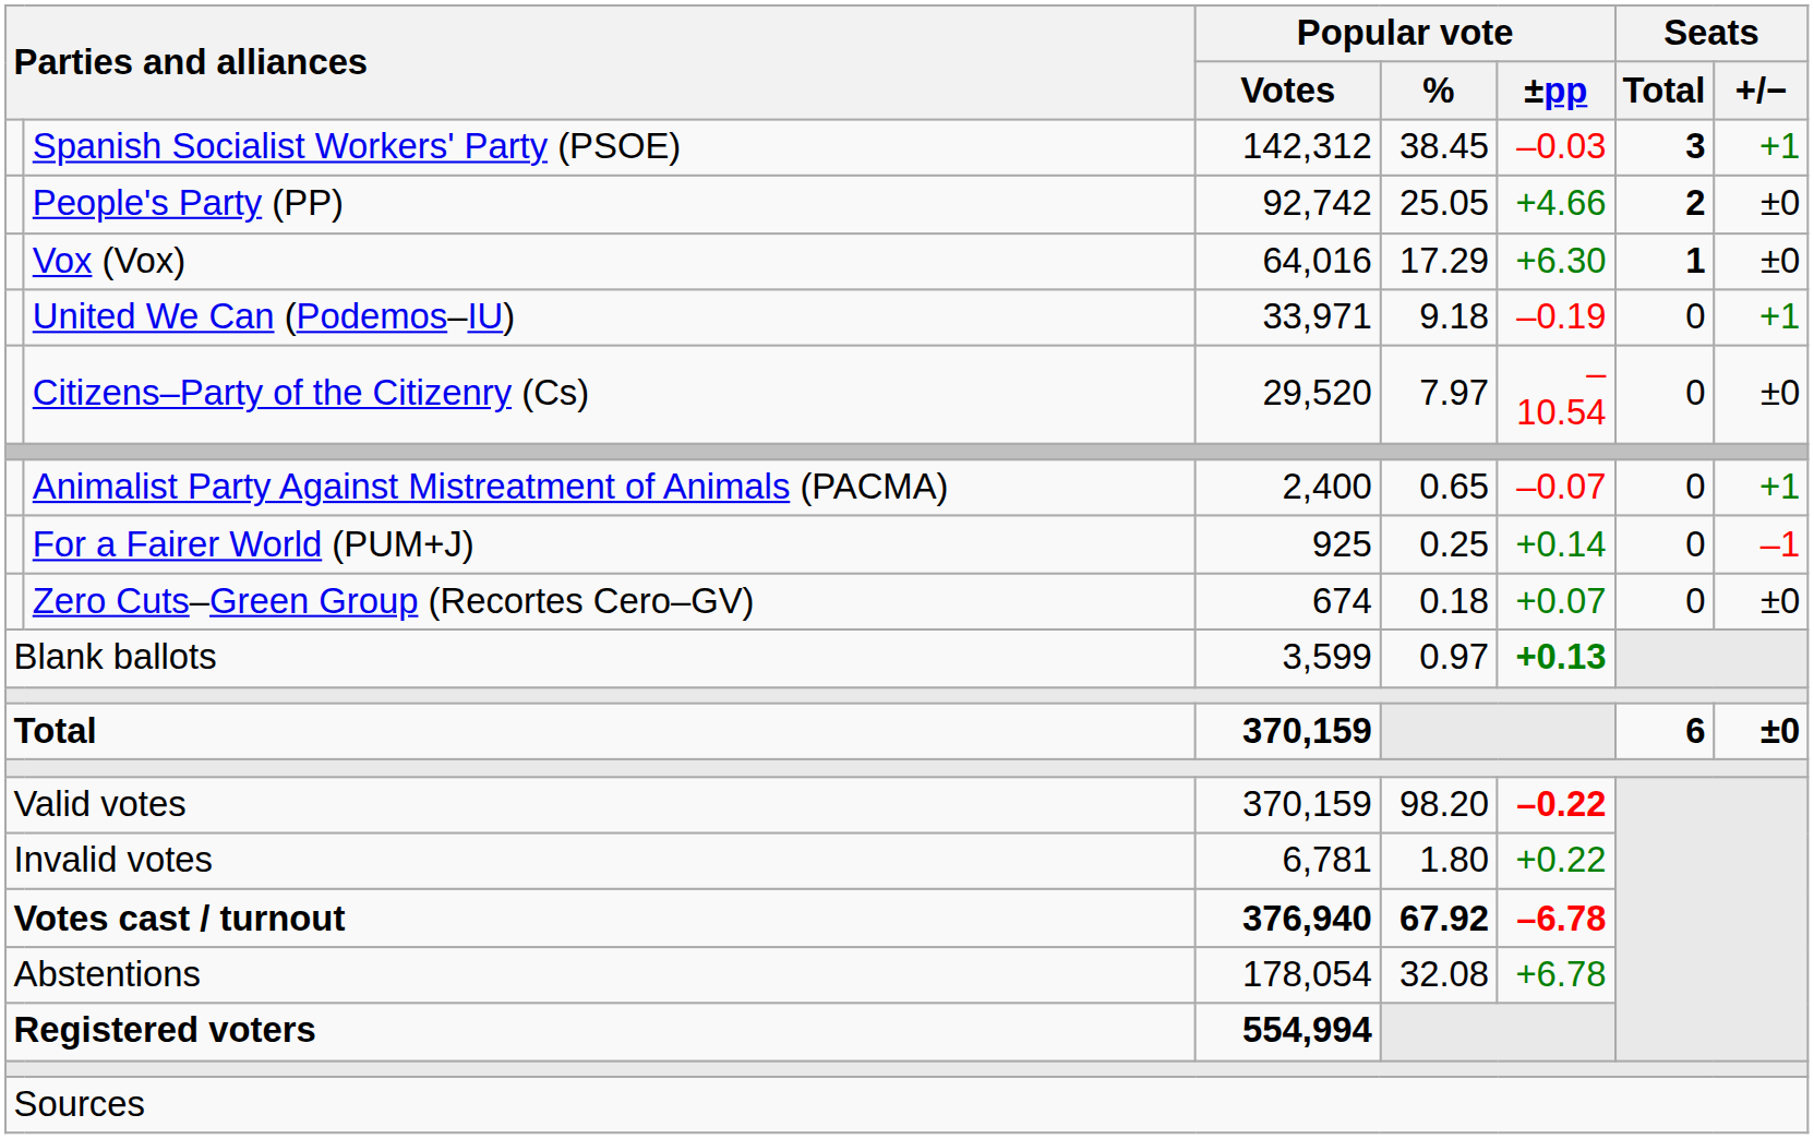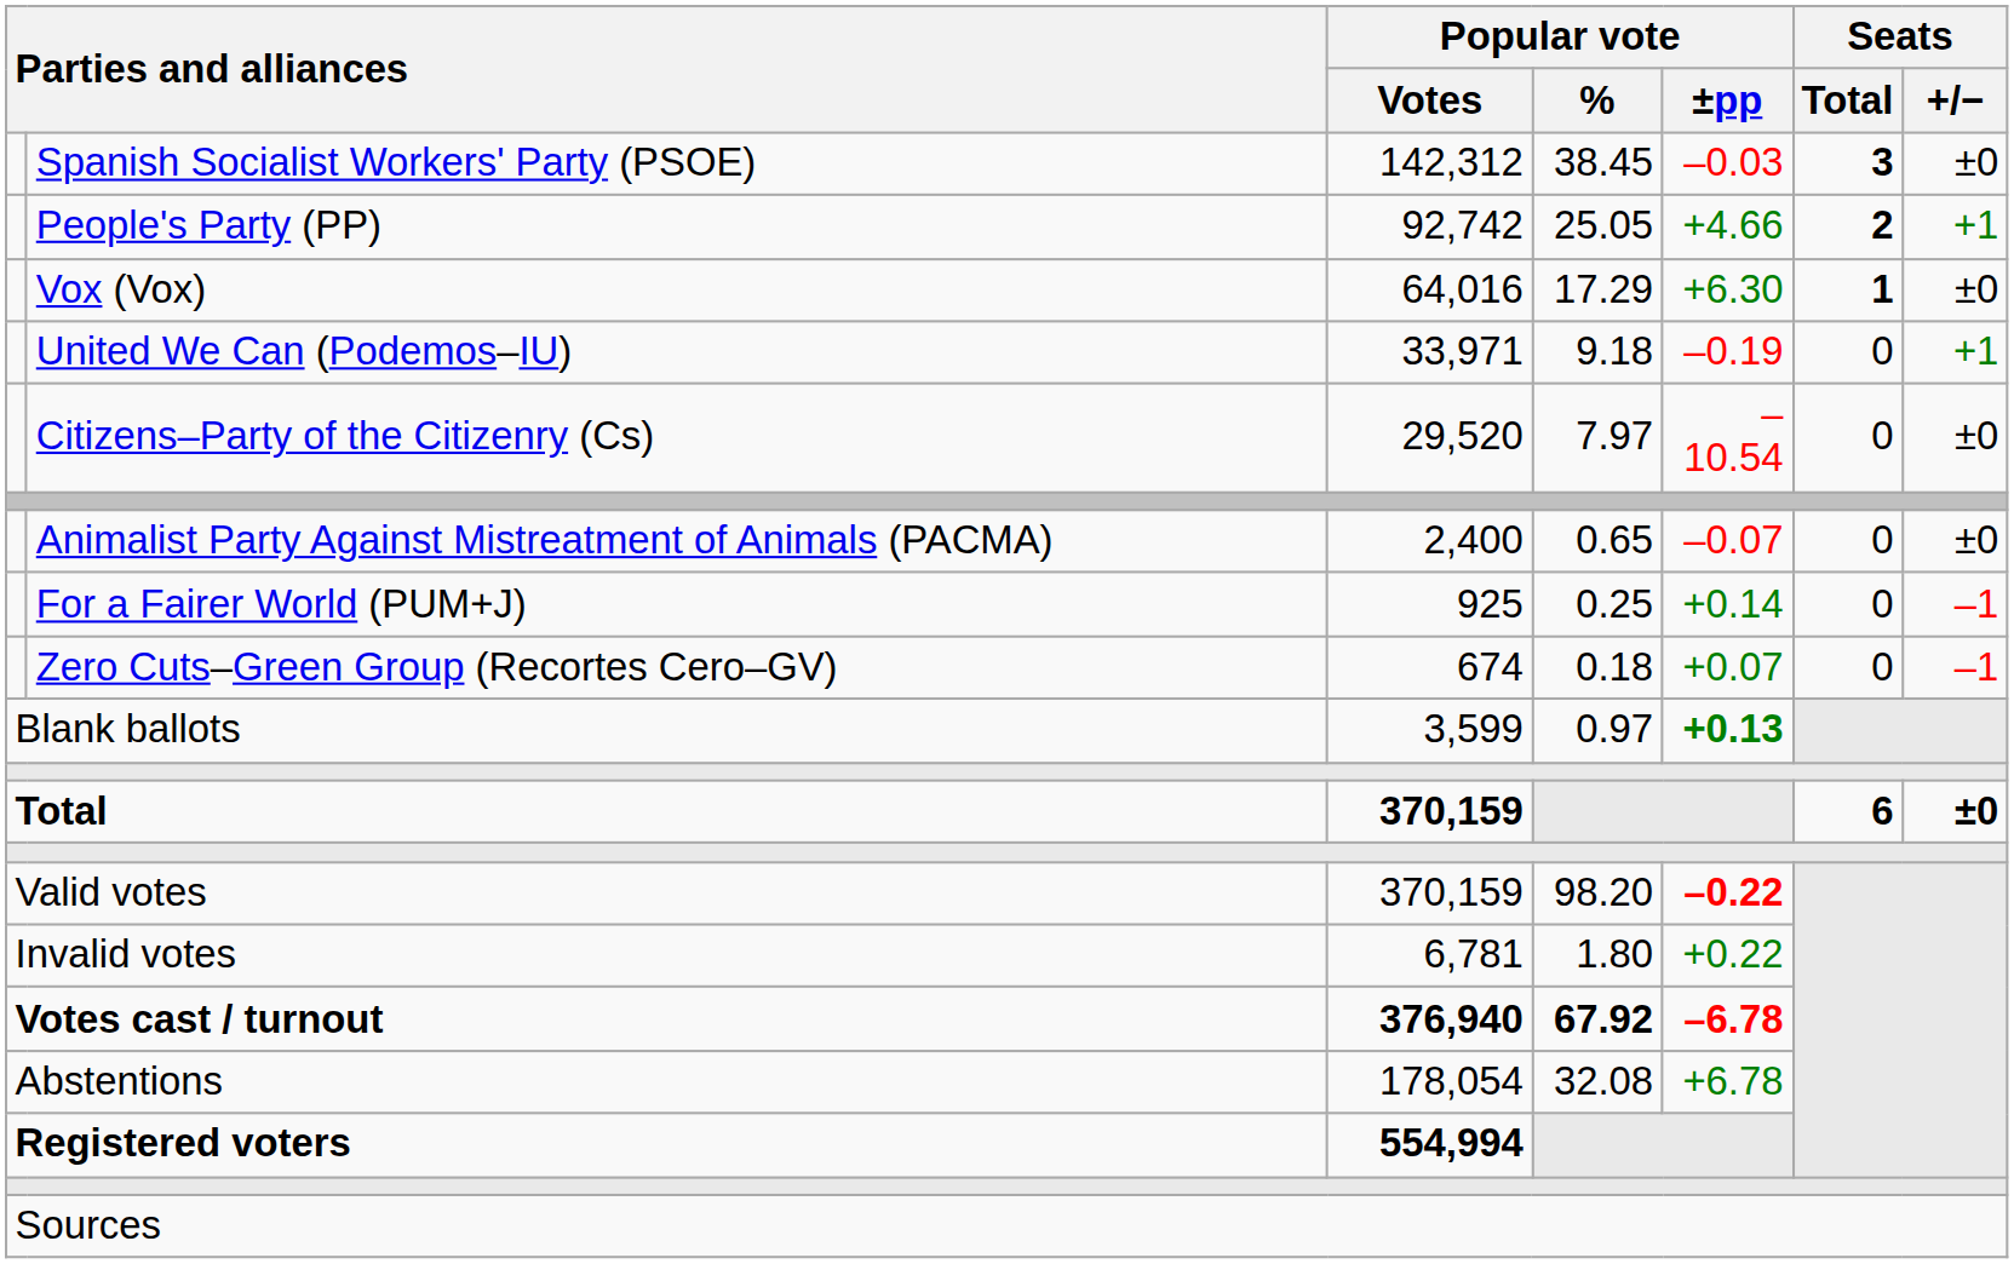 <table class="wikitable" style="text-align:right;">
 <tr>
 <th style="text-align:left;" rowspan="2" colspan="2" width="525">Parties and alliances</th>
 <th colspan="3">Popular vote</th>
 <th colspan="2">Seats</th>
 </tr>
 <tr>
 <th width="75">Votes</th>
 <th width="45">%</th>
 <th width="45">±<a href='#'>pp</a></th>
 <th width="35">Total</th>
 <th width="35">+/−</th>
 </tr>
 <tr>
 <td width="1" style="color:inherit;background:"></td>
 <td align="left"><a href='#'>Spanish Socialist Workers' Party</a> (PSOE)</td>
 <td>142,312</td>
 <td>38.45</td>
 <td style="color:red;">–0.03</td>
 <td><strong>3</strong></td>
-<td style="color:green;">+1</td>
+<td>±0</td>
 </tr>
 <tr>
 <td style="color:inherit;background:"></td>
 <td align="left"><a href='#'>People's Party</a> (PP)</td>
 <td>92,742</td>
 <td>25.05</td>
 <td style="color:green;">+4.66</td>
 <td><strong>2</strong></td>
-<td>±0</td>
+<td style="color:green;">+1</td>
 </tr>
 <tr>
 <td style="color:inherit;background:"></td>
 <td align="left"><a href='#'>Vox</a> (Vox)</td>
 <td>64,016</td>
 <td>17.29</td>
 <td style="color:green;">+6.30</td>
 <td><strong>1</strong></td>
 <td>±0</td>
 </tr>
 <tr>
 <td style="color:inherit;background:"></td>
 <td align="left"><a href='#'>United We Can</a> (<a href='#'>Podemos</a>–<a href='#'>IU</a>)</td>
 <td>33,971</td>
 <td>9.18</td>
 <td style="color:red;">–0.19</td>
 <td>0</td>
 <td style="color:green;">+1</td>
 </tr>
 <tr>
 <td style="color:inherit;background:"></td>
 <td align="left"><a href='#'>Citizens–Party of the Citizenry</a> (Cs)</td>
 <td>29,520</td>
 <td>7.97</td>
 <td style="color:red;">–10.54</td>
 <td>0</td>
 <td>±0</td>
 </tr>
 <tr>
 <td colspan="7" bgcolor="#C0C0C0"></td>
 </tr>
 <tr>
 <td style="color:inherit;background:"></td>
 <td align="left"><a href='#'>Animalist Party Against Mistreatment of Animals</a> (PACMA)</td>
 <td>2,400</td>
 <td>0.65</td>
 <td style="color:red;">–0.07</td>
 <td>0</td>
-<td style="color:green;">+1</td>
+<td>±0</td>
 </tr>
 <tr>
 <td style="color:inherit;background:"></td>
 <td align="left"><a href='#'>For a Fairer World</a> (PUM+J)</td>
 <td>925</td>
 <td>0.25</td>
 <td style="color:green;">+0.14</td>
 <td>0</td>
 <td style="color:red;">–1</td>
 </tr>
 <tr>
 <td style="color:inherit;background:"></td>
 <td align="left"><a href='#'>Zero Cuts</a>–<a href='#'>Green Group</a> (Recortes Cero–GV)</td>
 <td>674</td>
 <td>0.18</td>
 <td style="color:green;">+0.07</td>
 <td>0</td>
-<td>±0</td>
+<td style="color:red;">–1</td>
 </tr>
 <tr>
 <td align="left" colspan="2">Blank ballots</td>
 <td>3,599</td>
 <td>0.97</td>
 <td style="color:green;"><strong>+0.13</strong></td>
 <td bgcolor="#E9E9E9" colspan="2"></td>
 </tr>
 <tr>
 <td colspan="7" bgcolor="#E9E9E9"></td>
 </tr>
 <tr style="font-weight:bold;">
 <td align="left" colspan="2">Total</td>
 <td>370,159</td>
 <td bgcolor="#E9E9E9" colspan="2"></td>
 <td>6</td>
 <td>±0</td>
 </tr>
 <tr>
 <td colspan="7" bgcolor="#E9E9E9"></td>
 </tr>
 <tr>
 <td align="left" colspan="2">Valid votes</td>
 <td>370,159</td>
 <td>98.20</td>
 <td style="color:red;"><strong>–0.22</strong></td>
 <td bgcolor="#E9E9E9" colspan="2" rowspan="5"></td>
 </tr>
 <tr>
 <td align="left" colspan="2">Invalid votes</td>
 <td>6,781</td>
 <td>1.80</td>
 <td style="color:green;">+0.22</td>
 </tr>
 <tr style="font-weight:bold;">
 <td align="left" colspan="2">Votes cast / turnout</td>
 <td>376,940</td>
 <td>67.92</td>
 <td style="color:red;">–6.78</td>
 </tr>
 <tr>
 <td align="left" colspan="2">Abstentions</td>
 <td>178,054</td>
 <td>32.08</td>
 <td style="color:green;">+6.78</td>
 </tr>
 <tr style="font-weight:bold;">
 <td align="left" colspan="2">Registered voters</td>
 <td>554,994</td>
 <td bgcolor="#E9E9E9" colspan="2"></td>
 </tr>
 <tr>
 <td colspan="7" bgcolor="#E9E9E9"></td>
 </tr>
 <tr>
 <td align="left" colspan="7">Sources</td>
 </tr>
 </table>
